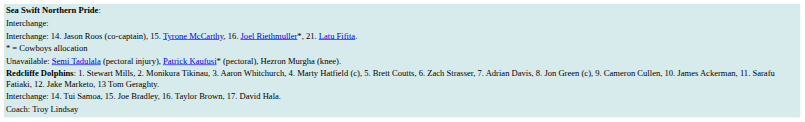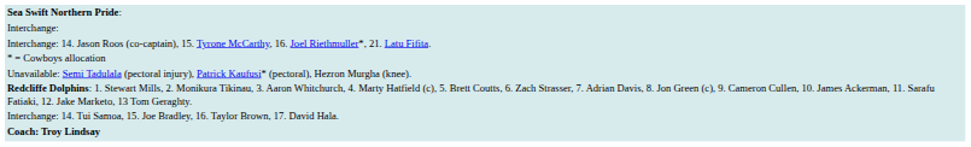 <table style="background:#d7ebed; font-size:85%; width:100%;">
 <tr>
 <td><strong>Sea Swift Northern Pride</strong>:             </td>
 </tr>
 <tr>
 <td>Interchange:    </td>
 </tr>
 <tr>
 <td>Interchange: 14. Jason Roos (co-captain), 15. <a href='#'>Tyrone McCarthy</a>, 16. <a href='#'>Joel Riethmuller</a>*, 21. <a href='#'>Latu Fifita</a>.</td>
 </tr>
 <tr>
 <td>* = Cowboys allocation</td>
 </tr>
 <tr>
 <td>Unavailable: <a href='#'>Semi Tadulala</a> (pectoral injury), <a href='#'>Patrick Kaufusi</a>* (pectoral), Hezron Murgha (knee).</td>
 </tr>
 <tr>
 <td><strong>Redcliffe Dolphins</strong>: 1. Stewart Mills, 2. Monikura Tikinau, 3. Aaron Whitchurch, 4. Marty Hatfield (c), 5. Brett Coutts, 6. Zach Strasser, 7. Adrian Davis, 8.  Jon Green (c), 9. Cameron Cullen, 10. James Ackerman, 11. Sarafu Fatiaki, 12. Jake Marketo, 13 Tom Geraghty.</td>
 </tr>
 <tr>
 <td>Interchange: 14. Tui Samoa, 15. Joe Bradley, 16. Taylor Brown, 17. David Hala.</td>
 </tr>
 <tr>
-<td>Coach: Troy Lindsay</td>
+<td><strong>Coach: Troy Lindsay</strong></td>
 </tr>
 <tr>
 </tr>
 </table>
